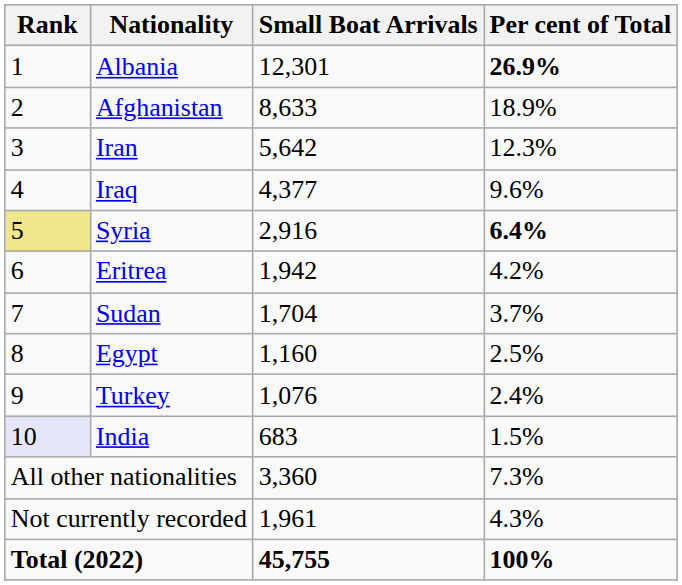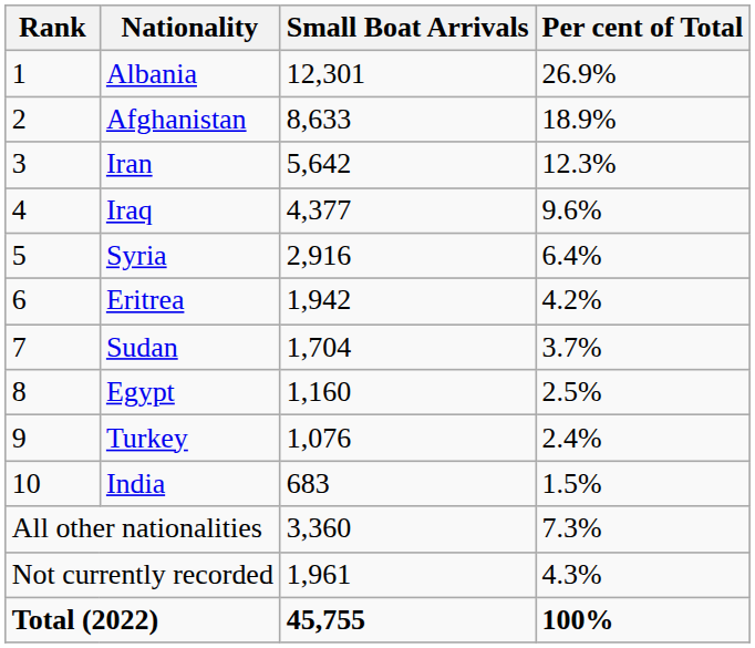 <table class="wikitable sortable">
 <tr>
 <th>Rank</th>
 <th>Nationality</th>
 <th>Small Boat Arrivals</th>
 <th>Per cent of Total</th>
 </tr>
 <tr>
 <td>1</td>
 <td> <a href='#'>Albania</a></td>
 <td>12,301</td>
-<td><strong>26.9%</strong></td>
+<td>26.9%</td>
 </tr>
 <tr>
 <td>2</td>
 <td> <a href='#'>Afghanistan</a></td>
 <td>8,633</td>
 <td>18.9%</td>
 </tr>
 <tr>
 <td>3</td>
 <td> <a href='#'>Iran</a></td>
 <td>5,642</td>
 <td>12.3%</td>
 </tr>
 <tr>
 <td>4</td>
 <td> <a href='#'>Iraq</a></td>
 <td>4,377</td>
 <td>9.6%</td>
 </tr>
 <tr>
-<td style="background: khaki;">5</td>
+<td>5</td>
 <td> <a href='#'>Syria</a></td>
 <td>2,916</td>
-<td><strong>6.4%</strong></td>
+<td>6.4%</td>
 </tr>
 <tr>
 <td>6</td>
 <td> <a href='#'>Eritrea</a></td>
 <td>1,942</td>
 <td>4.2%</td>
 </tr>
 <tr>
 <td>7</td>
 <td> <a href='#'>Sudan</a></td>
 <td>1,704</td>
 <td>3.7%</td>
 </tr>
 <tr>
 <td>8</td>
 <td> <a href='#'>Egypt</a></td>
 <td>1,160</td>
 <td>2.5%</td>
 </tr>
 <tr>
 <td>9</td>
 <td> <a href='#'>Turkey</a></td>
 <td>1,076</td>
 <td>2.4%</td>
 </tr>
 <tr>
-<td style="background: lavender;">10</td>
+<td>10</td>
 <td> <a href='#'>India</a></td>
 <td>683</td>
 <td>1.5%</td>
 </tr>
 <tr>
 <td colspan="2">All other nationalities</td>
 <td>3,360</td>
 <td>7.3%</td>
 </tr>
 <tr>
 <td colspan="2">Not currently recorded</td>
 <td>1,961</td>
 <td>4.3%</td>
 </tr>
 <tr>
 <td colspan="2"><strong>Total (2022)</strong></td>
 <td><strong>45,755</strong></td>
 <td><strong>100%</strong></td>
 </tr>
 </table>
